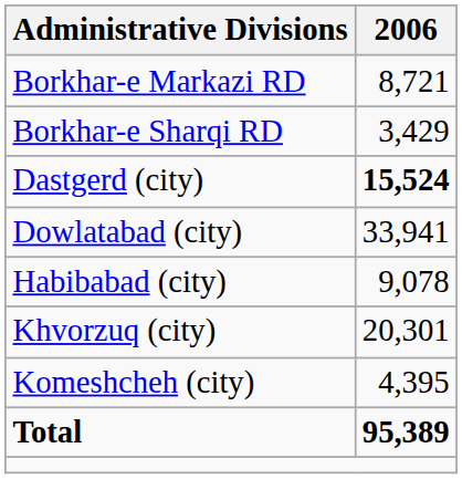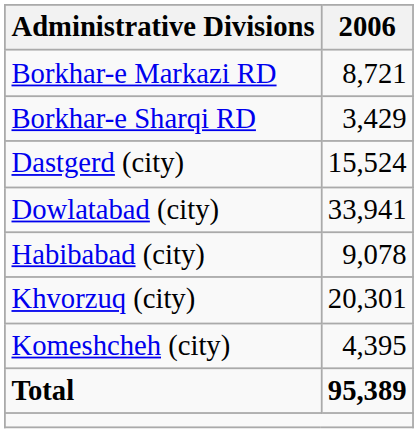 <table class="wikitable">
 <tr>
 <th>Administrative Divisions</th>
 <th>2006</th>
 </tr>
 <tr>
 <td><a href='#'>Borkhar-e Markazi RD</a></td>
 <td style="text-align: right;">8,721</td>
 </tr>
 <tr>
 <td><a href='#'>Borkhar-e Sharqi RD</a></td>
 <td style="text-align: right;">3,429</td>
 </tr>
 <tr>
 <td><a href='#'>Dastgerd</a> (city)</td>
-<td style="text-align: right;"><strong>15,524</strong></td>
+<td style="text-align: right;">15,524</td>
 </tr>
 <tr>
 <td><a href='#'>Dowlatabad</a> (city)</td>
 <td style="text-align: right;">33,941</td>
 </tr>
 <tr>
 <td><a href='#'>Habibabad</a> (city)</td>
 <td style="text-align: right;">9,078</td>
 </tr>
 <tr>
 <td><a href='#'>Khvorzuq</a> (city)</td>
 <td style="text-align: right;">20,301</td>
 </tr>
 <tr>
 <td><a href='#'>Komeshcheh</a> (city)</td>
 <td style="text-align: right;">4,395</td>
 </tr>
 <tr>
 <td><strong>Total</strong></td>
 <td style="text-align: right;"><strong>95,389</strong></td>
 </tr>
 <tr>
 <td colspan=2></td>
 </tr>
 </table>
